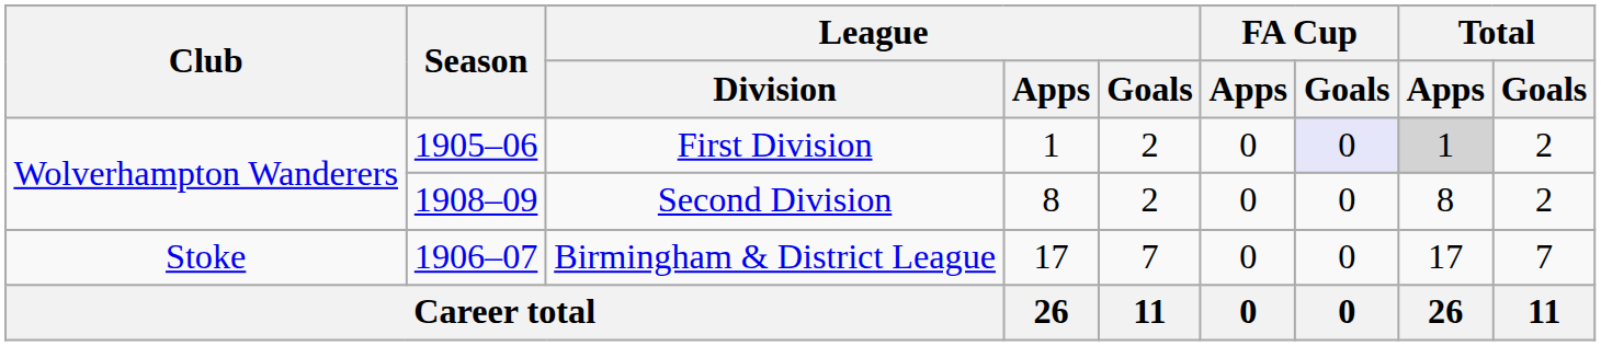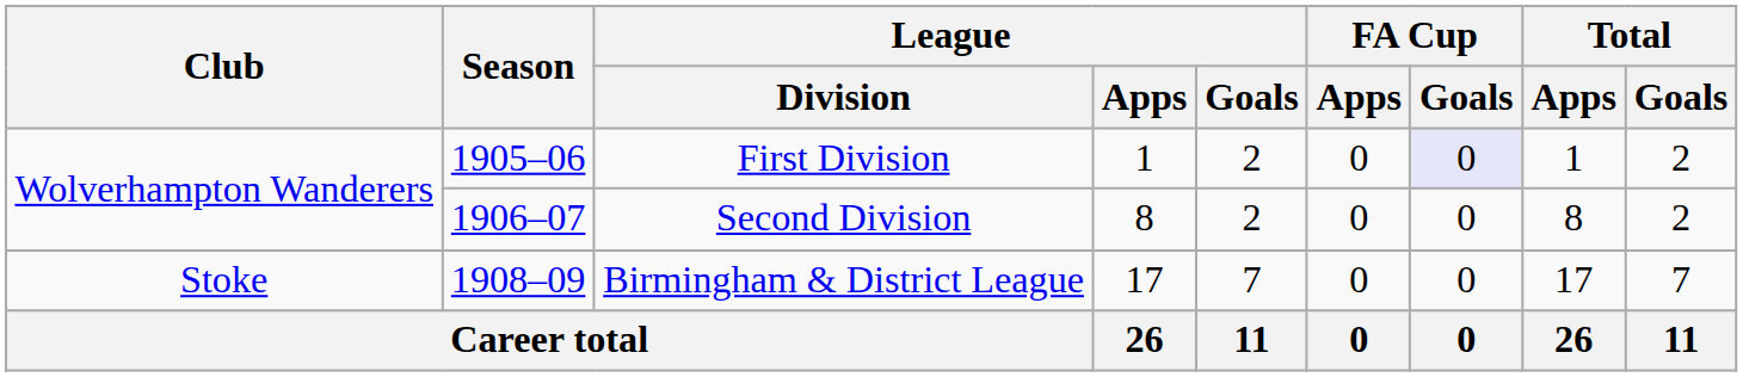 <table class="wikitable" style="text-align: center;">
 <tr>
 <th rowspan="2">Club</th>
 <th rowspan="2">Season</th>
 <th colspan="3">League</th>
 <th colspan="2">FA Cup</th>
 <th colspan="2">Total</th>
 </tr>
 <tr>
 <th>Division</th>
 <th>Apps</th>
 <th>Goals</th>
 <th>Apps</th>
 <th>Goals</th>
 <th>Apps</th>
 <th>Goals</th>
 </tr>
 <tr>
 <td rowspan="2"><a href='#'>Wolverhampton Wanderers</a></td>
 <td><a href='#'>1905–06</a></td>
 <td><a href='#'>First Division</a></td>
 <td>1</td>
 <td>2</td>
 <td>0</td>
 <td style="background: lavender;">0</td>
-<td style="background: lightgrey;">1</td>
+<td>1</td>
 <td>2</td>
 </tr>
 <tr>
-<td><a href='#'>1908–09</a></td>
+<td><a href='#'>1906–07</a></td>
 <td><a href='#'>Second Division</a></td>
 <td>8</td>
 <td>2</td>
 <td>0</td>
 <td>0</td>
 <td>8</td>
 <td>2</td>
 </tr>
 <tr>
 <td><a href='#'>Stoke</a></td>
-<td><a href='#'>1906–07</a></td>
+<td><a href='#'>1908–09</a></td>
 <td><a href='#'>Birmingham & District League</a></td>
 <td>17</td>
 <td>7</td>
 <td>0</td>
 <td>0</td>
 <td>17</td>
 <td>7</td>
 </tr>
 <tr>
 <th colspan="3">Career total</th>
 <th>26</th>
 <th>11</th>
 <th>0</th>
 <th>0</th>
 <th>26</th>
 <th>11</th>
 </tr>
 </table>
